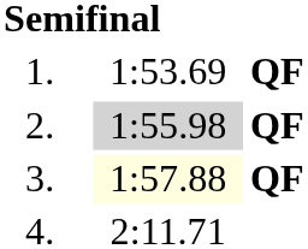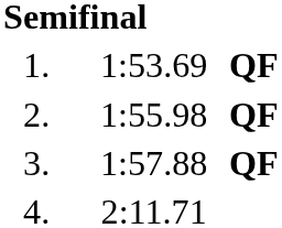 <table style="text-align:center">
 <tr>
 <td colspan=4 align=left><strong>Semifinal</strong></td>
 </tr>
 <tr>
 <td width=30>1.</td>
 <td align=left></td>
 <td width=60>1:53.69</td>
 <td><strong>QF</strong></td>
 </tr>
 <tr>
 <td>2.</td>
 <td align=left></td>
-<td style="background: lightgrey;">1:55.98</td>
+<td>1:55.98</td>
 <td><strong>QF</strong></td>
 </tr>
 <tr>
 <td>3.</td>
 <td align=left></td>
-<td style="background: lightyellow;">1:57.88</td>
+<td>1:57.88</td>
 <td><strong>QF</strong></td>
 </tr>
 <tr>
 <td>4.</td>
 <td align=left></td>
 <td>2:11.71</td>
 <td></td>
 </tr>
 </table>
